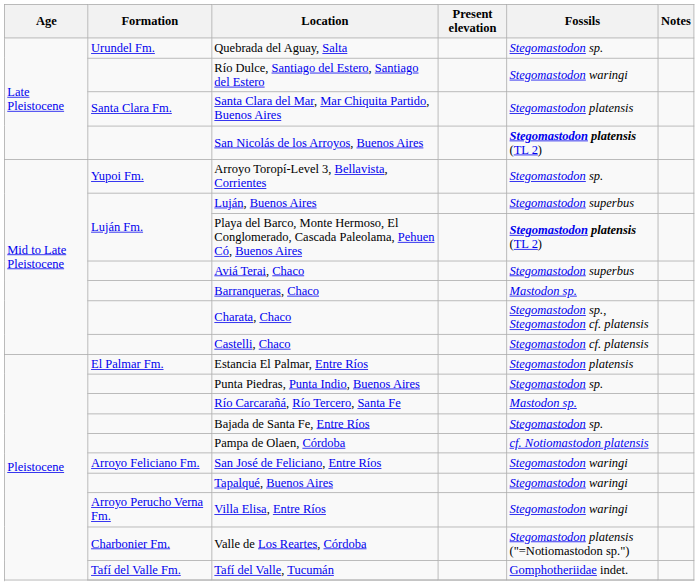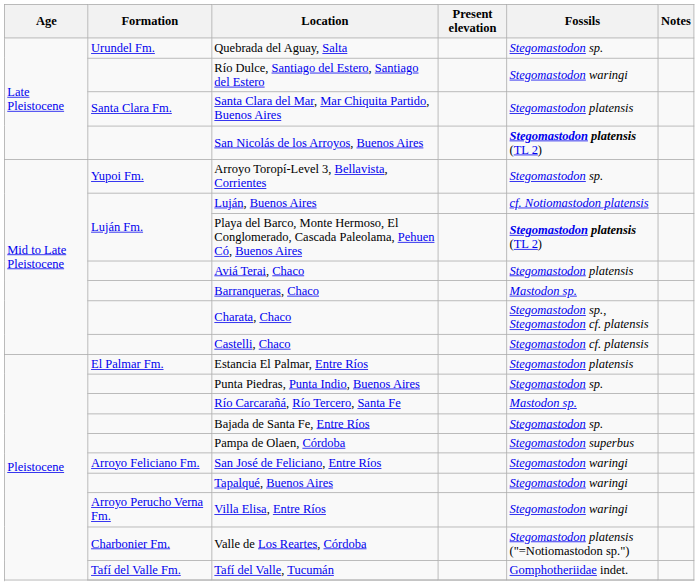 <table class="wikitable sortable" style="width: 70%;">
 <tr>
 <th>Age</th>
 <th>Formation</th>
 <th>Location</th>
 <th>Present elevation</th>
 <th>Fossils</th>
 <th class="unsortable">Notes</th>
 </tr>
 <tr>
 <td rowspan=4 style="background-color: "><a href='#'>Late Pleistocene</a></td>
 <td><a href='#'>Urundel Fm.</a></td>
 <td>Quebrada del Aguay, <a href='#'>Salta</a></td>
 <td></td>
 <td><em><a href='#'>Stegomastodon</a> sp.</em></td>
 <td></td>
 </tr>
 <tr>
 <td></td>
 <td>Río Dulce, <a href='#'>Santiago del Estero</a>, <a href='#'>Santiago del Estero</a></td>
 <td></td>
 <td><em><a href='#'>Stegomastodon</a> waringi</em></td>
 <td></td>
 </tr>
 <tr>
 <td><a href='#'>Santa Clara Fm.</a></td>
 <td><a href='#'>Santa Clara del Mar</a>, <a href='#'>Mar Chiquita Partido</a>, <a href='#'>Buenos Aires</a></td>
 <td></td>
 <td><em><a href='#'>Stegomastodon</a> platensis</em></td>
 <td></td>
 </tr>
 <tr>
 <td></td>
 <td><a href='#'>San Nicolás de los Arroyos</a>, <a href='#'>Buenos Aires</a></td>
 <td></td>
 <td><strong><em><a href='#'>Stegomastodon</a> platensis</em></strong> (<a href='#'>TL 2</a>)</td>
 <td></td>
 </tr>
 <tr>
 <td rowspan=7 style="background-color: "><a href='#'>Mid to Late Pleistocene</a></td>
 <td><a href='#'>Yupoi Fm.</a></td>
 <td>Arroyo Toropí-Level 3, <a href='#'>Bellavista</a>, <a href='#'>Corrientes</a></td>
 <td></td>
 <td><em><a href='#'>Stegomastodon</a> sp.</em></td>
 <td></td>
 </tr>
 <tr>
 <td rowspan=2><a href='#'>Luján Fm.</a></td>
 <td><a href='#'>Luján</a>, <a href='#'>Buenos Aires</a></td>
 <td></td>
-<td><em><a href='#'>Stegomastodon</a> superbus</em></td>
+<td><em><a href='#'>cf. Notiomastodon platensis</a></em></td>
 <td></td>
 </tr>
 <tr>
 <td>Playa del Barco, Monte Hermoso, El Conglomerado, Cascada Paleolama, <a href='#'>Pehuen Có</a>, <a href='#'>Buenos Aires</a></td>
 <td></td>
 <td><strong><em><a href='#'>Stegomastodon</a> platensis</em></strong> (<a href='#'>TL 2</a>)</td>
 <td></td>
 </tr>
 <tr>
 <td></td>
 <td><a href='#'>Aviá Terai</a>, <a href='#'>Chaco</a></td>
 <td></td>
-<td><em><a href='#'>Stegomastodon</a> superbus</em></td>
+<td><em><a href='#'>Stegomastodon</a> platensis</em></td>
 <td></td>
 </tr>
 <tr>
 <td></td>
 <td><a href='#'>Barranqueras</a>, <a href='#'>Chaco</a></td>
 <td></td>
 <td><em><a href='#'>Mastodon sp.</a></em></td>
 <td></td>
 </tr>
 <tr>
 <td></td>
 <td><a href='#'>Charata</a>, <a href='#'>Chaco</a></td>
 <td></td>
 <td><em><a href='#'>Stegomastodon</a> sp.</em>, <em><a href='#'>Stegomastodon</a> cf. platensis</em></td>
 <td></td>
 </tr>
 <tr>
 <td></td>
 <td><a href='#'>Castelli</a>, <a href='#'>Chaco</a></td>
 <td></td>
 <td><em><a href='#'>Stegomastodon</a> cf. platensis</em></td>
 <td></td>
 </tr>
 <tr>
 <td rowspan=11 style="background-color: "><a href='#'>Pleistocene</a></td>
 <td><a href='#'>El Palmar Fm.</a></td>
 <td>Estancia El Palmar, <a href='#'>Entre Ríos</a></td>
 <td></td>
 <td><em><a href='#'>Stegomastodon</a> platensis</em></td>
 <td></td>
 </tr>
 <tr>
 <td></td>
 <td>Punta Piedras, <a href='#'>Punta Indio</a>, <a href='#'>Buenos Aires</a></td>
 <td></td>
 <td><em><a href='#'>Stegomastodon</a> sp.</em></td>
 <td></td>
 </tr>
 <tr>
 <td></td>
 <td><a href='#'>Río Carcarañá</a>, <a href='#'>Río Tercero</a>, <a href='#'>Santa Fe</a></td>
 <td></td>
 <td><em><a href='#'>Mastodon sp.</a></em></td>
 <td></td>
 </tr>
 <tr>
 <td></td>
 <td>Bajada de Santa Fe, <a href='#'>Entre Ríos</a></td>
 <td></td>
 <td><em><a href='#'>Stegomastodon</a> sp.</em></td>
 <td></td>
 </tr>
 <tr>
 <td></td>
 <td>Pampa de Olaen, <a href='#'>Córdoba</a></td>
 <td></td>
-<td><em><a href='#'>cf. Notiomastodon platensis</a></em></td>
+<td><em><a href='#'>Stegomastodon</a> superbus</em></td>
 <td></td>
 </tr>
 <tr>
 <td><a href='#'>Arroyo Feliciano Fm.</a></td>
 <td><a href='#'>San José de Feliciano</a>, <a href='#'>Entre Ríos</a></td>
 <td></td>
 <td><em><a href='#'>Stegomastodon</a> waringi</em></td>
 <td></td>
 </tr>
 <tr>
 <td></td>
 <td><a href='#'>Tapalqué</a>, <a href='#'>Buenos Aires</a></td>
 <td></td>
 <td><em><a href='#'>Stegomastodon</a> waringi</em></td>
 <td></td>
 </tr>
 <tr>
 <td><a href='#'>Arroyo Perucho Verna Fm.</a></td>
 <td><a href='#'>Villa Elisa</a>, <a href='#'>Entre Ríos</a></td>
 <td></td>
 <td><em><a href='#'>Stegomastodon</a> waringi</em></td>
 <td></td>
 </tr>
 <tr>
 <td><a href='#'>Charbonier Fm.</a></td>
 <td>Valle de <a href='#'>Los Reartes</a>, <a href='#'>Córdoba</a></td>
 <td></td>
 <td><em><a href='#'>Stegomastodon</a> platensis</em> ("=Notiomastodon sp.")</td>
 <td></td>
 </tr>
 <tr>
 <td><a href='#'>Tafí del Valle Fm.</a></td>
 <td><a href='#'>Tafí del Valle</a>, <a href='#'>Tucumán</a></td>
 <td></td>
 <td><a href='#'>Gomphotheriidae</a> indet.</td>
 <td></td>
 </tr>
 <tr>
 </tr>
 </table>
